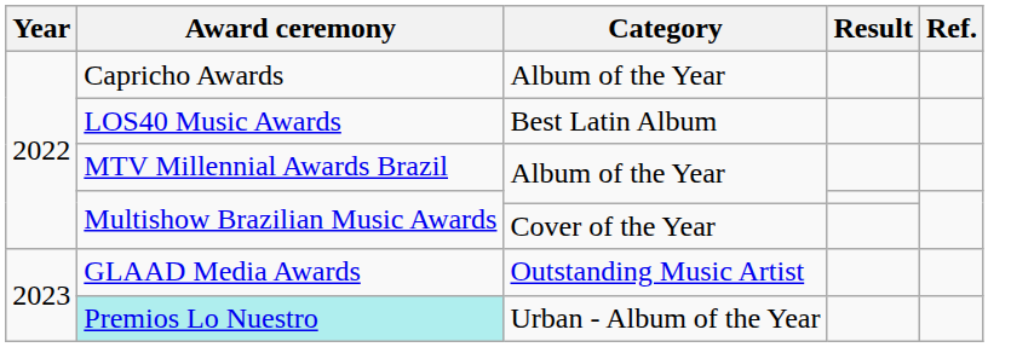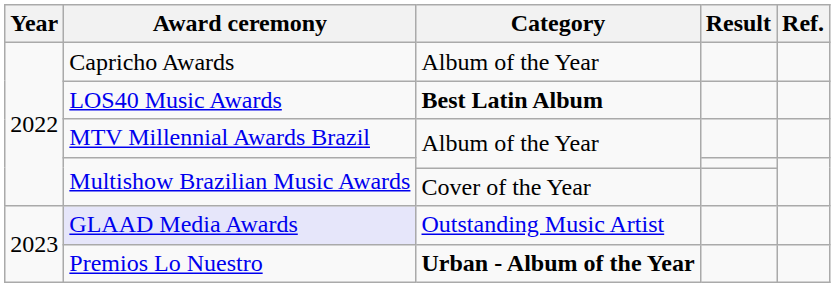 <table class="wikitable">
 <tr>
 <th>Year</th>
 <th><strong>Award ceremony</strong></th>
 <th><strong>Category</strong></th>
 <th><strong>Result</strong></th>
 <th><strong>Ref.</strong></th>
 </tr>
 <tr>
 <td rowspan="5">2022</td>
 <td>Capricho Awards</td>
 <td>Album of the Year</td>
 <td></td>
 <td></td>
 </tr>
 <tr>
 <td><a href='#'>LOS40 Music Awards</a></td>
-<td>Best Latin Album</td>
+<td><strong>Best Latin Album</strong></td>
 <td></td>
 <td></td>
 </tr>
 <tr>
 <td><a href='#'>MTV Millennial Awards Brazil</a></td>
 <td rowspan="2">Album of the Year</td>
 <td></td>
 <td></td>
 </tr>
 <tr>
 <td rowspan="2"><a href='#'>Multishow Brazilian Music Awards</a></td>
 <td></td>
 <td rowspan="2"></td>
 </tr>
 <tr>
 <td>Cover of the Year</td>
 <td></td>
 </tr>
 <tr>
 <td rowspan="2">2023</td>
-<td><a href='#'>GLAAD Media Awards</a></td>
+<td style="background: lavender;"><a href='#'>GLAAD Media Awards</a></td>
 <td><a href='#'>Outstanding Music Artist</a></td>
 <td></td>
 <td></td>
 </tr>
 <tr>
-<td style="background: paleturquoise;"><a href='#'>Premios Lo Nuestro</a></td>
-<td>Urban - Album of the Year</td>
+<td><a href='#'>Premios Lo Nuestro</a></td>
+<td><strong>Urban - Album of the Year</strong></td>
 <td></td>
 <td></td>
 </tr>
 </table>
